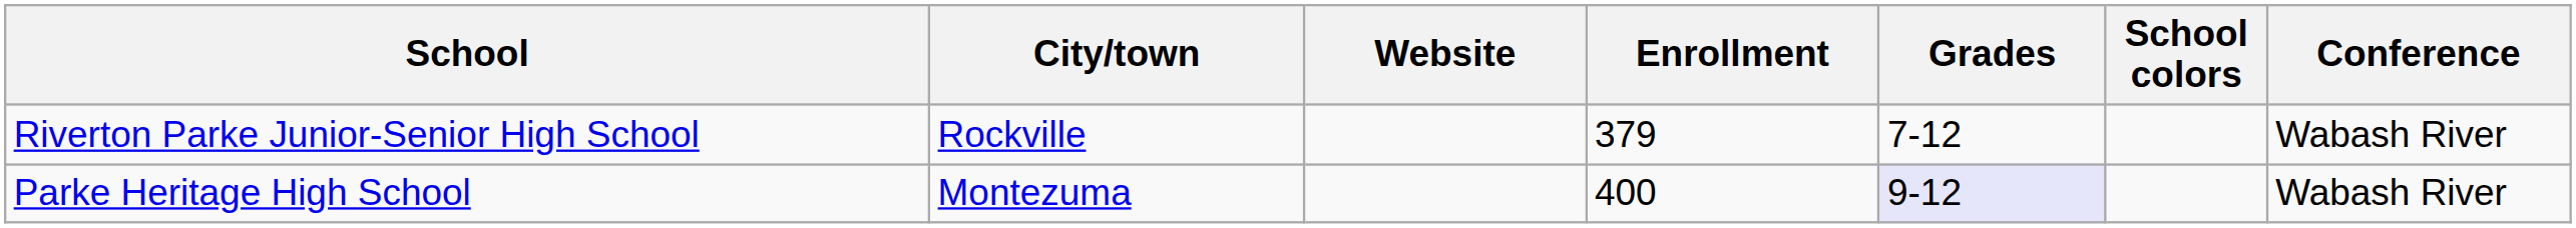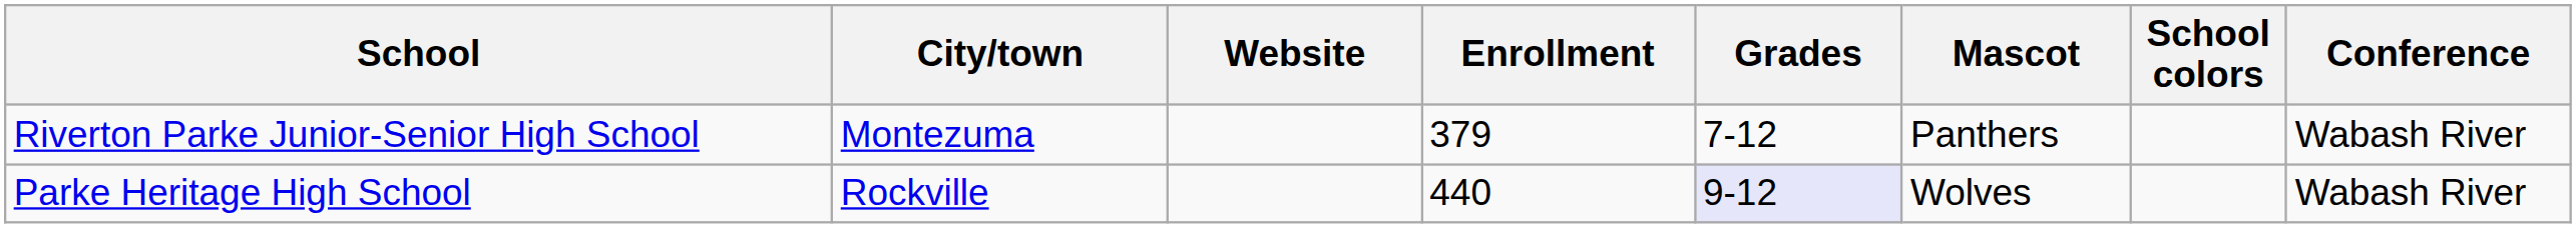 <table class="wikitable sortable" width="70%">
 <tr>
 <th width="20%">School</th>
 <th width="08%">City/town</th>
 <th width="06%">Website</th>
 <th width="04%">Enrollment</th>
 <th width="04%">Grades</th>
+<th width="04%">Mascot</th>
 <th width=01%>School colors</th>
 <th width="04%">Conference</th>
 </tr>
 <tr>
 <td><a href='#'>Riverton Parke Junior-Senior High School</a></td>
-<td><a href='#'>Rockville</a></td>
+<td><a href='#'>Montezuma</a></td>
 <td></td>
 <td>379</td>
 <td>7-12</td>
+<td>Panthers</td>
 <td>  </td>
 <td>Wabash River</td>
 </tr>
 <tr>
 <td><a href='#'>Parke Heritage High School</a></td>
-<td><a href='#'>Montezuma</a></td>
+<td><a href='#'>Rockville</a></td>
 <td></td>
-<td>400</td>
+<td>440</td>
 <td style="background: lavender;">9-12</td>
+<td>Wolves</td>
 <td>   </td>
 <td>Wabash River</td>
 </tr>
 </table>
